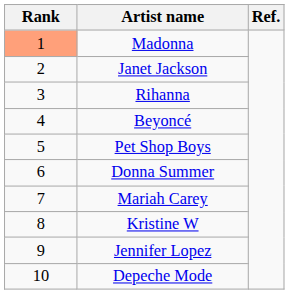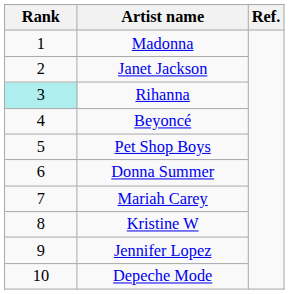 <table class="wikitable sortable plainrowheaders" style="text-align:center;">
 <tr>
 <th scope="col" style="width:4em;">Rank</th>
 <th scope="col" style="width:10em;">Artist name</th>
 <th scope="col" class="unsortable">Ref.</th>
 </tr>
 <tr>
-<td style="background: lightsalmon;">1</td>
+<td>1</td>
 <td><a href='#'>Madonna</a></td>
 <td rowspan="10"></td>
 </tr>
 <tr>
 <td>2</td>
 <td><a href='#'>Janet Jackson</a></td>
 </tr>
 <tr>
-<td>3</td>
+<td style="background: paleturquoise;">3</td>
 <td><a href='#'>Rihanna</a></td>
 </tr>
 <tr>
 <td>4</td>
 <td><a href='#'>Beyoncé</a></td>
 </tr>
 <tr>
 <td>5</td>
 <td><a href='#'>Pet Shop Boys</a></td>
 </tr>
 <tr>
 <td>6</td>
 <td><a href='#'>Donna Summer</a></td>
 </tr>
 <tr>
 <td>7</td>
 <td><a href='#'>Mariah Carey</a></td>
 </tr>
 <tr>
 <td>8</td>
 <td><a href='#'>Kristine W</a></td>
 </tr>
 <tr>
 <td>9</td>
 <td><a href='#'>Jennifer Lopez</a></td>
 </tr>
 <tr>
 <td>10</td>
 <td><a href='#'>Depeche Mode</a></td>
 </tr>
 </table>
